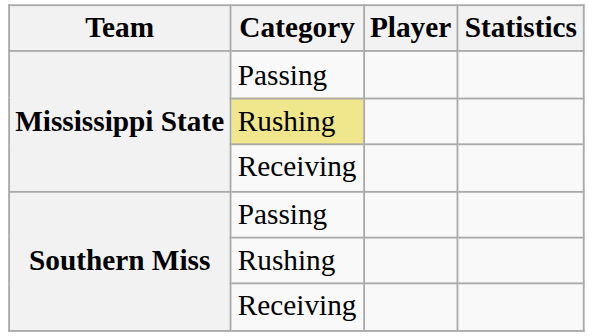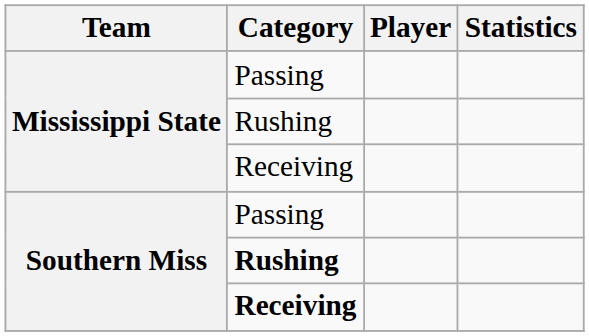 <table class="wikitable" style="float:right">
 <tr>
 <th>Team</th>
 <th>Category</th>
 <th>Player</th>
 <th>Statistics</th>
 </tr>
 <tr>
 <th rowspan=3>Mississippi State</th>
 <td>Passing</td>
 <td></td>
 <td></td>
 </tr>
 <tr>
-<td style="background: khaki;">Rushing</td>
+<td>Rushing</td>
 <td></td>
 <td></td>
 </tr>
 <tr>
 <td>Receiving</td>
 <td></td>
 <td></td>
 </tr>
 <tr>
 <th rowspan=3>Southern Miss</th>
 <td>Passing</td>
 <td></td>
 <td></td>
 </tr>
 <tr>
-<td>Rushing</td>
+<td><strong>Rushing</strong></td>
 <td></td>
 <td></td>
 </tr>
 <tr>
-<td>Receiving</td>
+<td><strong>Receiving</strong></td>
 <td></td>
 <td></td>
 </tr>
 </table>
